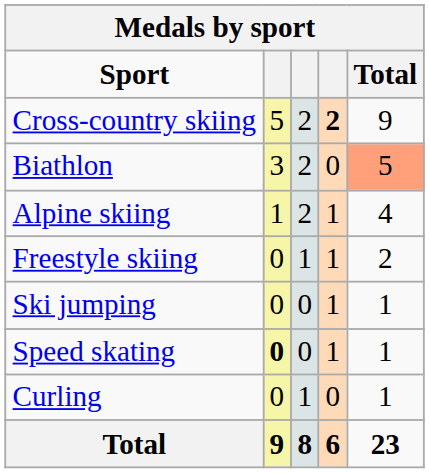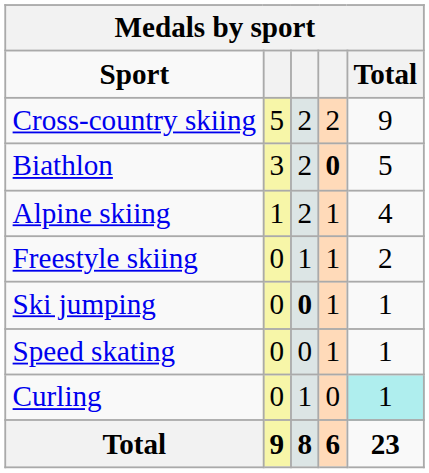 <table class="wikitable" border="1"  style="float:right">
 <tr>
 <th colspan=5>Medals by sport</th>
 </tr>
 <tr align=center>
 <td><strong>Sport</strong></td>
 <th bgcolor=#f7f6a8></th>
 <th bgcolor=#dce5e5></th>
 <th bgcolor=#ffdab9></th>
 <th>Total</th>
 </tr>
 <tr align=center>
 <td align=left><a href='#'>Cross-country skiing</a></td>
 <td bgcolor=#f7f6a8>5</td>
 <td bgcolor=#dce5e5>2</td>
-<td bgcolor=#ffdab9><strong>2</strong></td>
+<td bgcolor=#ffdab9>2</td>
 <td>9</td>
 </tr>
 <tr align=center>
 <td align=left><a href='#'>Biathlon</a></td>
 <td bgcolor=#f7f6a8>3</td>
 <td bgcolor=#dce5e5>2</td>
-<td bgcolor=#ffdab9>0</td>
-<td style="background: lightsalmon;">5</td>
+<td bgcolor=#ffdab9><strong>0</strong></td>
+<td>5</td>
 </tr>
 <tr align=center>
 <td align=left><a href='#'>Alpine skiing</a></td>
 <td bgcolor=#f7f6a8>1</td>
 <td bgcolor=#dce5e5>2</td>
 <td bgcolor=#ffdab9>1</td>
 <td>4</td>
 </tr>
 <tr align=center>
 <td align=left><a href='#'>Freestyle skiing</a></td>
 <td bgcolor=#f7f6a8>0</td>
 <td bgcolor=#dce5e5>1</td>
 <td bgcolor=#ffdab9>1</td>
 <td>2</td>
 </tr>
 <tr align=center>
 <td align=left><a href='#'>Ski jumping</a></td>
 <td bgcolor=#f7f6a8>0</td>
-<td bgcolor=#dce5e5>0</td>
+<td bgcolor=#dce5e5><strong>0</strong></td>
 <td bgcolor=#ffdab9>1</td>
 <td>1</td>
 </tr>
 <tr align=center>
 <td align=left><a href='#'>Speed skating</a></td>
-<td bgcolor=#f7f6a8><strong>0</strong></td>
+<td bgcolor=#f7f6a8>0</td>
 <td bgcolor=#dce5e5>0</td>
 <td bgcolor=#ffdab9>1</td>
 <td>1</td>
 </tr>
 <tr align=center>
 <td align=left><a href='#'>Curling</a></td>
 <td bgcolor=#f7f6a8>0</td>
 <td bgcolor=#dce5e5>1</td>
 <td bgcolor=#ffdab9>0</td>
-<td>1</td>
+<td style="background: paleturquoise;">1</td>
 </tr>
 <tr align=center>
 <th bgcolor=#efefef align="left">Total</th>
 <td bgcolor=#f7f6a8><strong>9</strong></td>
 <td bgcolor=#dce5e5><strong>8</strong></td>
 <td bgcolor=#ffdab9><strong>6</strong></td>
 <td><strong>23</strong></td>
 </tr>
 </table>
